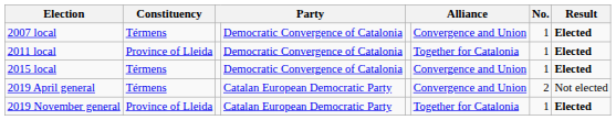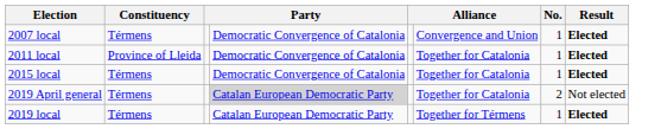 <table class="wikitable" style="text-align:left;">
 <tr>
 <th scope=col>Election</th>
 <th scope=col>Constituency</th>
 <th scope=col colspan="2">Party</th>
 <th scope=col colspan="2">Alliance</th>
 <th scope=col>No.</th>
 <th scope=col>Result</th>
 </tr>
 <tr>
 <td><a href='#'>2007 local</a></td>
 <td><a href='#'>Térmens</a></td>
 <td style="background:"></td>
 <td><a href='#'>Democratic Convergence of Catalonia</a></td>
 <td style="background:"></td>
 <td><a href='#'>Convergence and Union</a></td>
 <td align=right>1</td>
 <td><strong>Elected</strong></td>
 </tr>
 <tr>
 <td><a href='#'>2011 local</a></td>
 <td><a href='#'>Province of Lleida</a></td>
 <td style="background:"></td>
 <td><a href='#'>Democratic Convergence of Catalonia</a></td>
 <td style="background:"></td>
 <td><a href='#'>Together for Catalonia</a></td>
 <td align=right>1</td>
 <td><strong>Elected</strong></td>
 </tr>
 <tr>
 <td><a href='#'>2015 local</a></td>
 <td><a href='#'>Térmens</a></td>
 <td style="background:"></td>
 <td><a href='#'>Democratic Convergence of Catalonia</a></td>
 <td style="background:"></td>
-<td><a href='#'>Convergence and Union</a></td>
+<td><a href='#'>Together for Catalonia</a></td>
 <td align=right>1</td>
 <td><strong>Elected</strong></td>
 </tr>
 <tr>
 <td><a href='#'>2019 April general</a></td>
 <td><a href='#'>Térmens</a></td>
 <td style="background:"></td>
-<td><a href='#'>Catalan European Democratic Party</a></td>
+<td style="background: lightgrey;"><a href='#'>Catalan European Democratic Party</a></td>
 <td style="background:"></td>
-<td><a href='#'>Convergence and Union</a></td>
+<td><a href='#'>Together for Catalonia</a></td>
 <td align=right>2</td>
 <td>Not elected</td>
 </tr>
 <tr>
-<td><a href='#'>2019 November general</a></td>
-<td><a href='#'>Province of Lleida</a></td>
+<td><a href='#'>2019 local</a></td>
+<td><a href='#'>Térmens</a></td>
 <td style="background:"></td>
 <td><a href='#'>Catalan European Democratic Party</a></td>
 <td style="background:"></td>
-<td><a href='#'>Together for Catalonia</a></td>
+<td><a href='#'>Together for Térmens</a></td>
 <td align=right>1</td>
 <td><strong>Elected</strong></td>
 </tr>
 </table>
